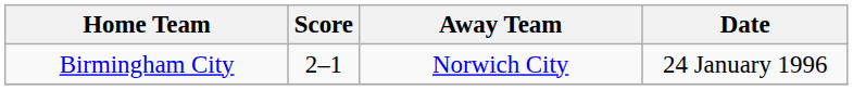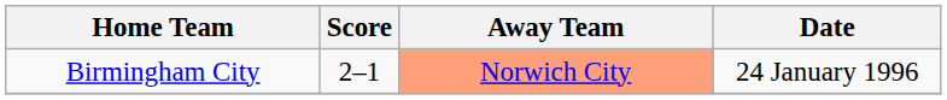 <table class="wikitable" style="text-align: center">
 <tr>
 <th width=175>Home Team</th>
 <th width=20>Score</th>
 <th width=175>Away Team</th>
 <th width= 125>Date</th>
 </tr>
 <tr>
 <td><a href='#'>Birmingham City</a></td>
 <td>2–1</td>
-<td><a href='#'>Norwich City</a></td>
+<td style="background: lightsalmon;"><a href='#'>Norwich City</a></td>
 <td>24 January 1996</td>
 </tr>
 <tr>
 </tr>
 </table>
